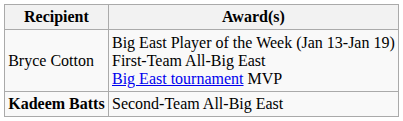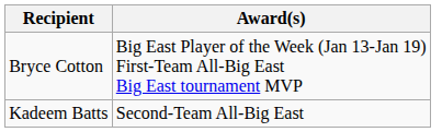 <table class="wikitable">
 <tr>
 <th>Recipient</th>
 <th>Award(s)</th>
 </tr>
 <tr>
 <td>Bryce Cotton</td>
 <td>Big East Player of the Week (Jan 13-Jan 19)<br>First-Team All-Big East<br><a href='#'>Big East tournament</a> MVP</td>
 </tr>
 <tr>
-<td><strong>Kadeem Batts</strong></td>
+<td>Kadeem Batts</td>
 <td>Second-Team All-Big East</td>
 </tr>
 </table>
